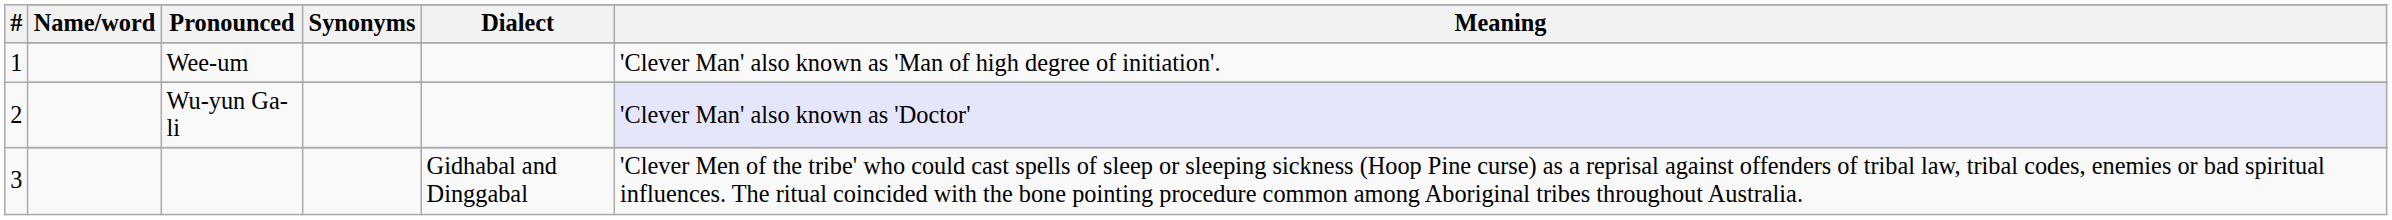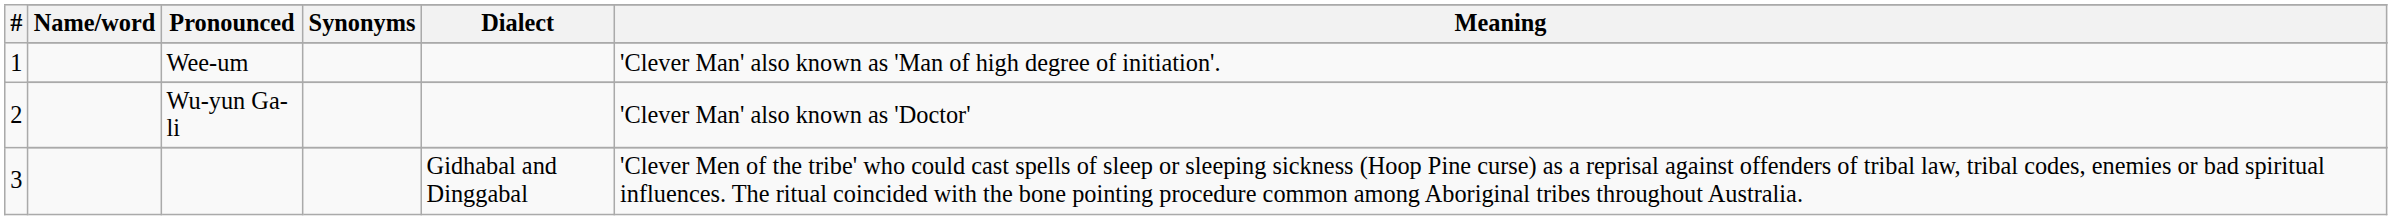 <table class="wikitable">
 <tr>
 <th rowspan="2" align="center">#</th>
 </tr>
 <tr>
 <th>Name/word </th>
 <th>Pronounced</th>
 <th>Synonyms</th>
 <th>Dialect</th>
 <th>Meaning</th>
 </tr>
 <tr>
 <td rowspan="2" align="center">1</td>
 </tr>
 <tr>
 <td>  </td>
 <td>Wee-um</td>
 <td></td>
 <td></td>
 <td>'Clever Man' also known as 'Man of high degree of initiation'.</td>
 </tr>
 <tr>
 <td rowspan="2" align="center">2</td>
 </tr>
 <tr>
 <td>  </td>
 <td>Wu-yun Ga-li</td>
 <td></td>
 <td></td>
-<td style="background: lavender;">'Clever Man' also known as 'Doctor'</td>
+<td>'Clever Man' also known as 'Doctor'</td>
 </tr>
 <tr>
 <td rowspan="2" align="center">3</td>
 </tr>
 <tr>
 <td>  </td>
 <td></td>
 <td></td>
 <td>Gidhabal and Dinggabal</td>
 <td>'Clever Men of the tribe' who could cast spells of sleep or sleeping sickness (Hoop Pine curse) as a reprisal against offenders of tribal law, tribal codes, enemies or bad spiritual influences. The ritual coincided with the bone pointing procedure common among Aboriginal tribes throughout Australia.</td>
 </tr>
 </table>
